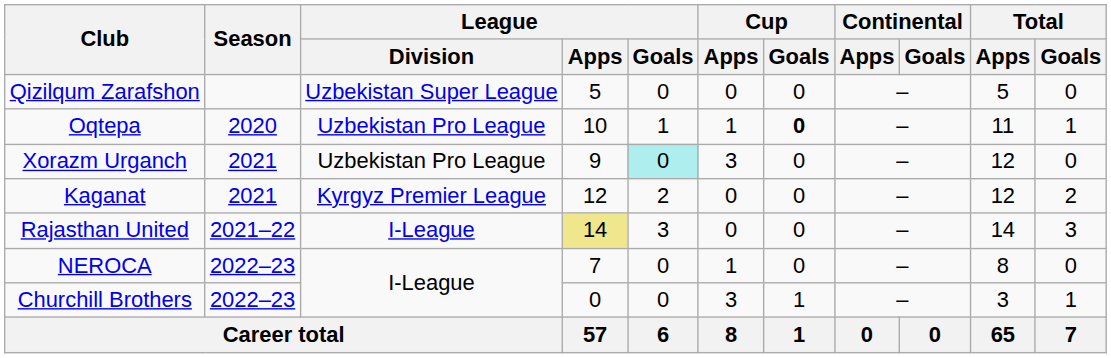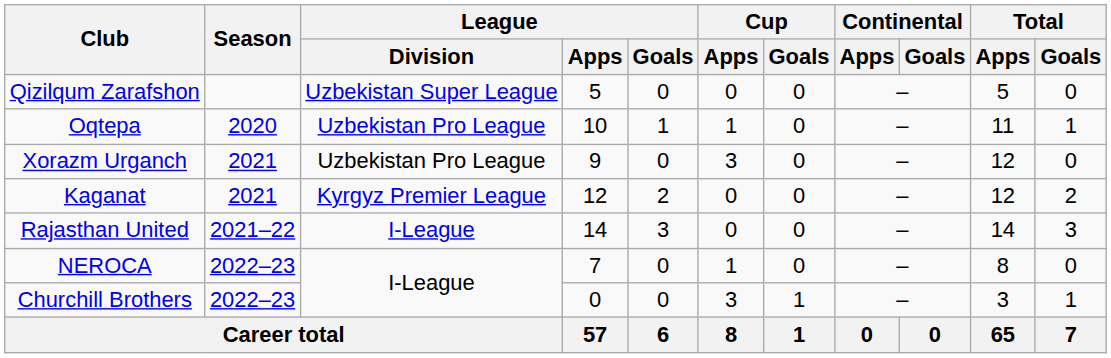 <table class="wikitable" style="text-align:center">
 <tr>
 <th rowspan="2">Club</th>
 <th rowspan="2">Season</th>
 <th colspan="3">League</th>
 <th colspan="2">Cup</th>
 <th colspan="2">Continental</th>
 <th colspan="2">Total</th>
 </tr>
 <tr>
 <th>Division</th>
 <th>Apps</th>
 <th>Goals</th>
 <th>Apps</th>
 <th>Goals</th>
 <th>Apps</th>
 <th>Goals</th>
 <th>Apps</th>
 <th>Goals</th>
 </tr>
 <tr>
 <td><a href='#'>Qizilqum Zarafshon</a></td>
 <td></td>
 <td><a href='#'>Uzbekistan Super League</a></td>
 <td>5</td>
 <td>0</td>
 <td>0</td>
 <td>0</td>
 <td colspan="2">–</td>
 <td>5</td>
 <td>0</td>
 </tr>
 <tr>
 <td><a href='#'>Oqtepa</a></td>
 <td><a href='#'>2020</a></td>
 <td><a href='#'>Uzbekistan Pro League</a></td>
 <td>10</td>
 <td>1</td>
 <td>1</td>
-<td><strong>0</strong></td>
+<td>0</td>
 <td colspan="2">–</td>
 <td>11</td>
 <td>1</td>
 </tr>
 <tr>
 <td><a href='#'>Xorazm Urganch</a></td>
 <td><a href='#'>2021</a></td>
 <td>Uzbekistan Pro League</td>
 <td>9</td>
-<td style="background: paleturquoise;">0</td>
+<td>0</td>
 <td>3</td>
 <td>0</td>
 <td colspan="2">–</td>
 <td>12</td>
 <td>0</td>
 </tr>
 <tr>
 <td><a href='#'>Kaganat</a></td>
 <td><a href='#'>2021</a></td>
 <td><a href='#'>Kyrgyz Premier League</a></td>
 <td>12</td>
 <td>2</td>
 <td>0</td>
 <td>0</td>
 <td colspan="2">–</td>
 <td>12</td>
 <td>2</td>
 </tr>
 <tr>
 <td><a href='#'>Rajasthan United</a></td>
 <td><a href='#'>2021–22</a></td>
 <td><a href='#'>I-League</a></td>
-<td style="background: khaki;">14</td>
+<td>14</td>
 <td>3</td>
 <td>0</td>
 <td>0</td>
 <td colspan="2">–</td>
 <td>14</td>
 <td>3</td>
 </tr>
 <tr>
 <td><a href='#'>NEROCA</a></td>
 <td><a href='#'>2022–23</a></td>
 <td rowspan="2">I-League</td>
 <td>7</td>
 <td>0</td>
 <td>1</td>
 <td>0</td>
 <td colspan="2">–</td>
 <td>8</td>
 <td>0</td>
 </tr>
 <tr>
 <td><a href='#'>Churchill Brothers</a></td>
 <td><a href='#'>2022–23</a></td>
 <td>0</td>
 <td>0</td>
 <td>3</td>
 <td>1</td>
 <td colspan="2">–</td>
 <td>3</td>
 <td>1</td>
 </tr>
 <tr>
 <th colspan="3">Career total</th>
 <th>57</th>
 <th>6</th>
 <th>8</th>
 <th>1</th>
 <th>0</th>
 <th>0</th>
 <th>65</th>
 <th>7</th>
 </tr>
 </table>
